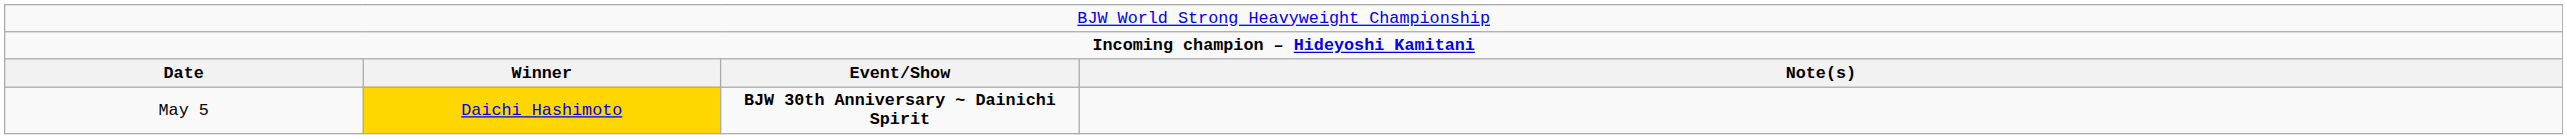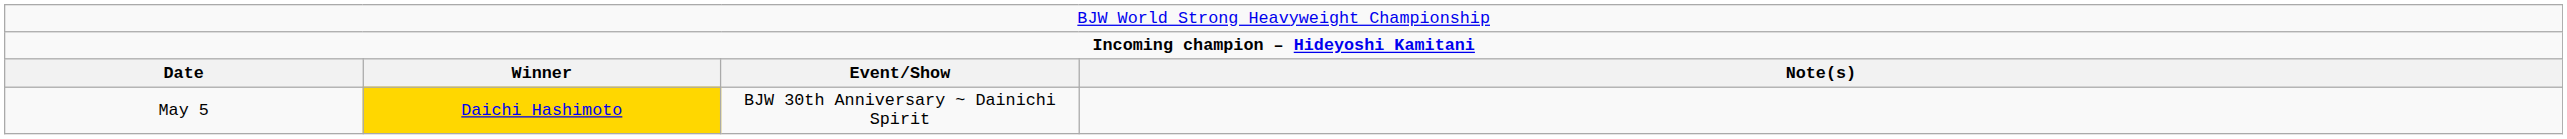 <table class="wikitable" style="text-align:center; width:100%;">
 <tr>
 <td colspan="4" style="text-align: center;"><a href='#'>BJW World Strong Heavyweight Championship</a></td>
 </tr>
 <tr>
 <td colspan="4" style="text-align: center;"><strong>Incoming champion – <a href='#'>Hideyoshi Kamitani</a></strong></td>
 </tr>
 <tr>
 <th width="14%">Date</th>
 <th width="14%">Winner</th>
 <th width="14%">Event/Show</th>
 <th width="58%">Note(s)</th>
 </tr>
 <tr>
 <td>May 5</td>
 <td style="background: gold;"><a href='#'>Daichi Hashimoto</a></td>
-<td><strong>BJW 30th Anniversary ~ Dainichi Spirit</strong></td>
+<td>BJW 30th Anniversary ~ Dainichi Spirit</td>
 <td></td>
 </tr>
 </table>
